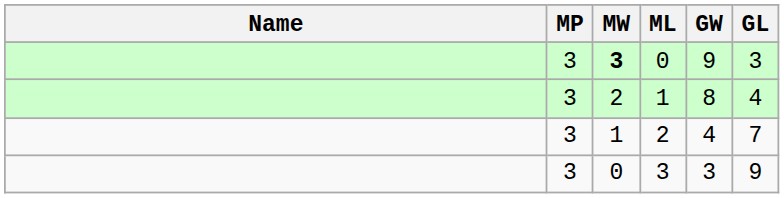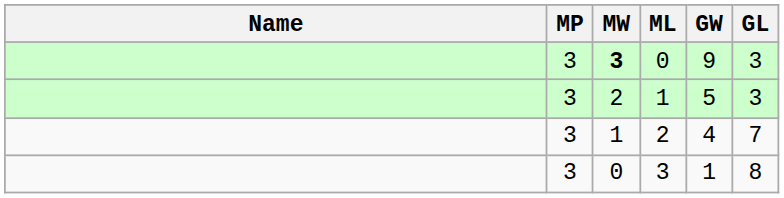 <table class=wikitable style="text-align:center">
 <tr>
 <th width=300>Name</th>
 <th width=20>MP</th>
 <th width=20>MW</th>
 <th width=20>ML</th>
 <th width=20>GW</th>
 <th width=20>GL</th>
 </tr>
 <tr style="background-color:#ccffcc;">
 <td style="text-align:left;"><strong></strong></td>
 <td>3</td>
 <td><strong>3</strong></td>
 <td>0</td>
 <td>9</td>
 <td>3</td>
 </tr>
 <tr style="background-color:#ccffcc;">
 <td style="text-align:left;"><strong></strong></td>
 <td>3</td>
 <td>2</td>
 <td>1</td>
-<td>8</td>
-<td>4</td>
+<td>5</td>
+<td>3</td>
 </tr>
 <tr>
 <td style="text-align:left;"></td>
 <td>3</td>
 <td>1</td>
 <td>2</td>
 <td>4</td>
 <td>7</td>
 </tr>
 <tr>
 <td style="text-align:left;"></td>
 <td>3</td>
 <td>0</td>
 <td>3</td>
-<td>3</td>
-<td>9</td>
+<td>1</td>
+<td>8</td>
 </tr>
 </table>
